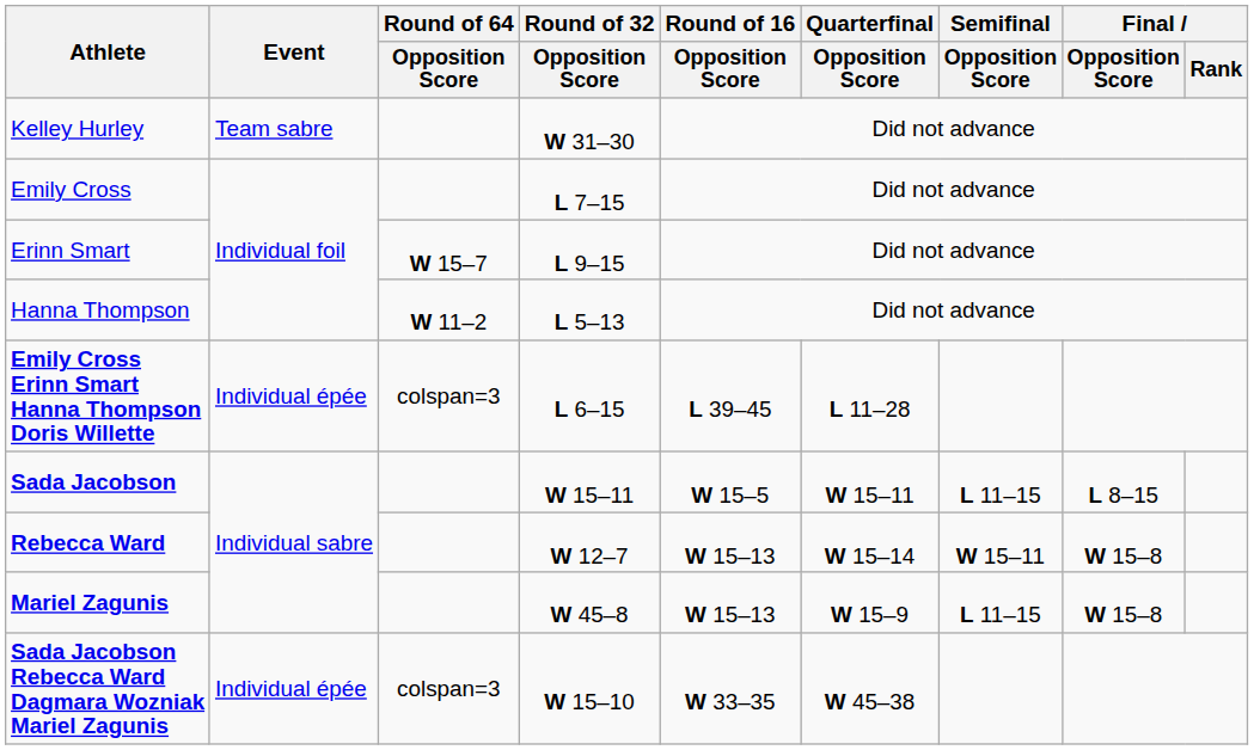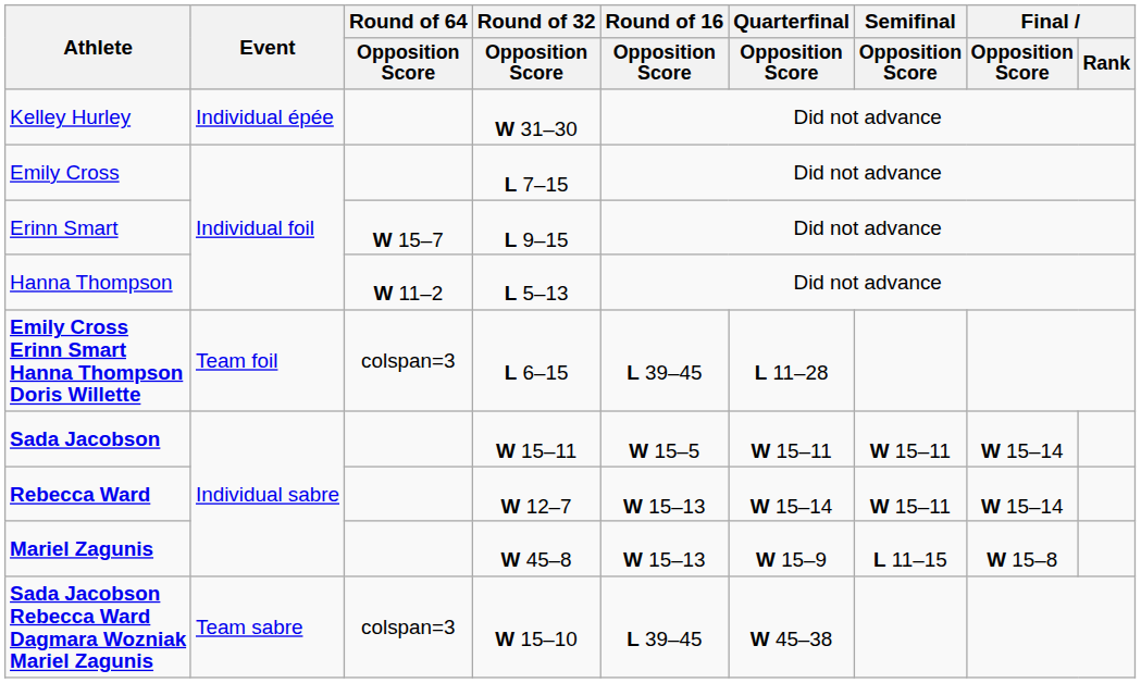 <table class=wikitable style=font-size:90%;text-align:center>
 <tr>
 <th rowspan=2>Athlete</th>
 <th rowspan=2>Event</th>
 <th>Round of 64</th>
 <th>Round of 32</th>
 <th>Round of 16</th>
 <th>Quarterfinal</th>
 <th>Semifinal</th>
 <th colspan=2>Final / </th>
 </tr>
 <tr style=font-size:95%>
 <th>Opposition <br> Score</th>
 <th>Opposition <br> Score</th>
 <th>Opposition <br> Score</th>
 <th>Opposition <br> Score</th>
 <th>Opposition <br> Score</th>
 <th>Opposition <br> Score</th>
 <th>Rank</th>
 </tr>
 <tr>
 <td align=left><a href='#'>Kelley Hurley</a></td>
-<td align=left><a href='#'>Team sabre</a></td>
+<td align=left><a href='#'>Individual épée</a></td>
 <td></td>
 <td><br><strong>W</strong> 31–30</td>
 <td colspan=5>Did not advance</td>
 </tr>
 <tr>
 <td align=left><a href='#'>Emily Cross</a></td>
 <td align=left rowspan=3><a href='#'>Individual foil</a></td>
 <td></td>
 <td><br><strong>L</strong> 7–15</td>
 <td colspan=5>Did not advance</td>
 </tr>
 <tr>
 <td align=left><a href='#'>Erinn Smart</a></td>
 <td><br><strong>W</strong> 15–7</td>
 <td><br> <strong>L</strong> 9–15</td>
 <td colspan=5>Did not advance</td>
 </tr>
 <tr>
 <td align=left><a href='#'>Hanna Thompson</a></td>
 <td><br><strong>W</strong> 11–2</td>
 <td><br><strong>L</strong> 5–13</td>
 <td colspan=5>Did not advance</td>
 </tr>
 <tr>
 <td align=left><strong><a href='#'>Emily Cross</a><br><a href='#'>Erinn Smart</a><br><a href='#'>Hanna Thompson</a><br><a href='#'>Doris Willette</a></strong></td>
-<td align=left><a href='#'>Individual épée</a></td>
+<td align=left><a href='#'>Team foil</a></td>
 <td>colspan=3 </td>
 <td><br><strong>L</strong> 6–15</td>
 <td><br><strong>L</strong> 39–45</td>
 <td><br><strong>L</strong> 11–28</td>
 <td></td>
 </tr>
 <tr>
 <td align=left><strong><a href='#'>Sada Jacobson</a></strong></td>
 <td align=left rowspan=3><a href='#'>Individual sabre</a></td>
 <td></td>
 <td><br><strong>W</strong> 15–11</td>
 <td><br><strong>W</strong> 15–5</td>
 <td><br><strong>W</strong> 15–11</td>
-<td><br><strong>L</strong> 11–15</td>
-<td><br><strong>L</strong> 8–15</td>
+<td><br><strong>W</strong> 15–11</td>
+<td><br><strong>W</strong> 15–14</td>
 <td></td>
 </tr>
 <tr>
 <td align=left><strong><a href='#'>Rebecca Ward</a></strong></td>
 <td></td>
 <td><br><strong>W</strong> 12–7</td>
 <td><br><strong>W</strong> 15–13</td>
 <td><br><strong>W</strong> 15–14</td>
 <td><br><strong>W</strong> 15–11</td>
-<td><br><strong>W</strong> 15–8</td>
+<td><br><strong>W</strong> 15–14</td>
 <td></td>
 </tr>
 <tr>
 <td align=left><strong><a href='#'>Mariel Zagunis</a></strong></td>
 <td></td>
 <td><br><strong>W</strong> 45–8</td>
 <td><br><strong>W</strong> 15–13</td>
 <td><br><strong>W</strong> 15–9</td>
 <td><br><strong>L</strong> 11–15</td>
 <td><br><strong>W</strong> 15–8</td>
 <td></td>
 </tr>
 <tr>
 <td align=left><strong><a href='#'>Sada Jacobson</a><br><a href='#'>Rebecca Ward</a><br><a href='#'>Dagmara Wozniak</a><br><a href='#'>Mariel Zagunis</a></strong></td>
-<td align=left><a href='#'>Individual épée</a></td>
+<td align=left><a href='#'>Team sabre</a></td>
 <td>colspan=3 </td>
 <td><br><strong>W</strong> 15–10</td>
-<td><br><strong>W</strong> 33–35</td>
+<td><br><strong>L</strong> 39–45</td>
 <td><br><strong>W</strong> 45–38</td>
 <td></td>
 </tr>
 </table>
